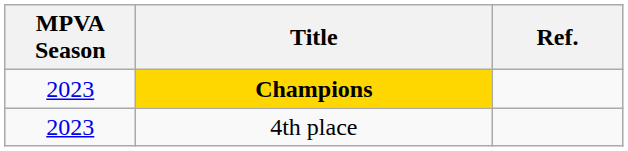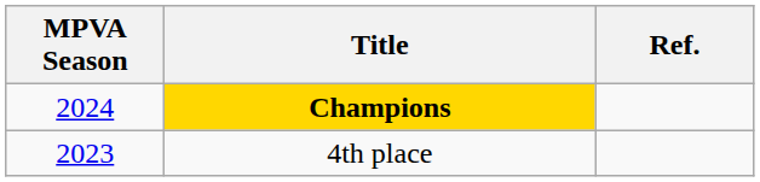 <table class="wikitable">
 <tr>
 <th width=80px>MPVA Season</th>
 <th width=230px>Title</th>
 <th width=80px>Ref.</th>
 </tr>
 <tr align=center>
-<td><a href='#'>2023</a></td>
+<td><a href='#'>2024</a></td>
 <td style="background: gold;"><strong>Champions</strong></td>
 <td></td>
 </tr>
 <tr align=center>
 <td><a href='#'>2023</a></td>
 <td>4th place</td>
 <td></td>
 </tr>
 </table>
